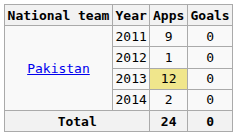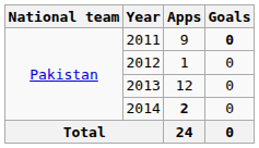 <table class="wikitable" style="text-align:center">
 <tr>
 <th>National team</th>
 <th>Year</th>
 <th>Apps</th>
 <th>Goals</th>
 </tr>
 <tr>
 <td rowspan="4"><a href='#'>Pakistan</a></td>
 <td>2011</td>
 <td>9</td>
-<td>0</td>
+<td><strong>0</strong></td>
 </tr>
 <tr>
 <td>2012</td>
 <td>1</td>
 <td>0</td>
 </tr>
 <tr>
 <td>2013</td>
-<td style="background: khaki;">12</td>
+<td>12</td>
 <td>0</td>
 </tr>
 <tr>
 <td>2014</td>
-<td>2</td>
+<td><strong>2</strong></td>
 <td>0</td>
 </tr>
 <tr>
 <th colspan="2">Total</th>
 <th>24</th>
 <th>0</th>
 </tr>
 </table>
